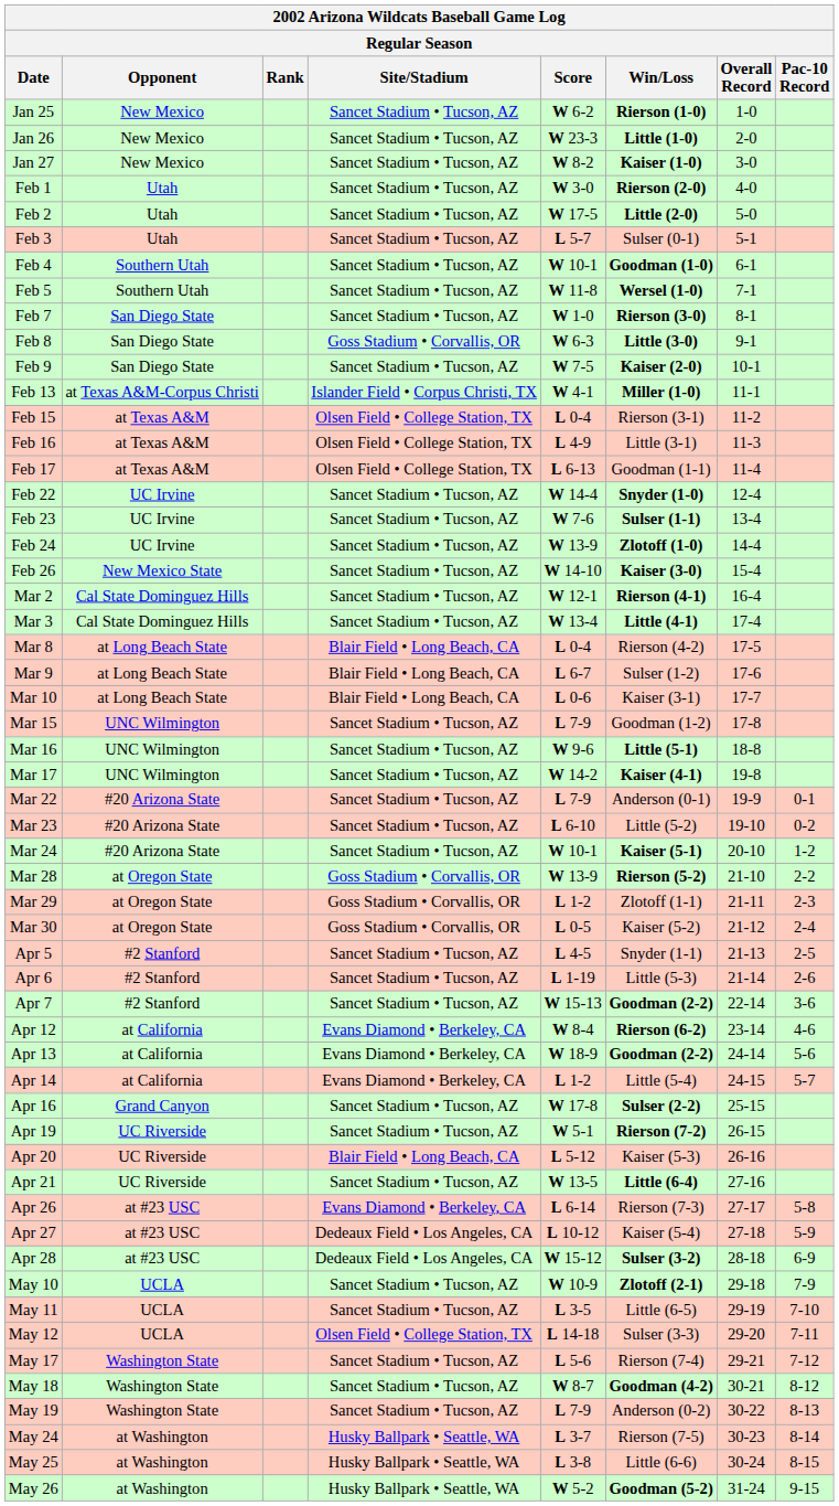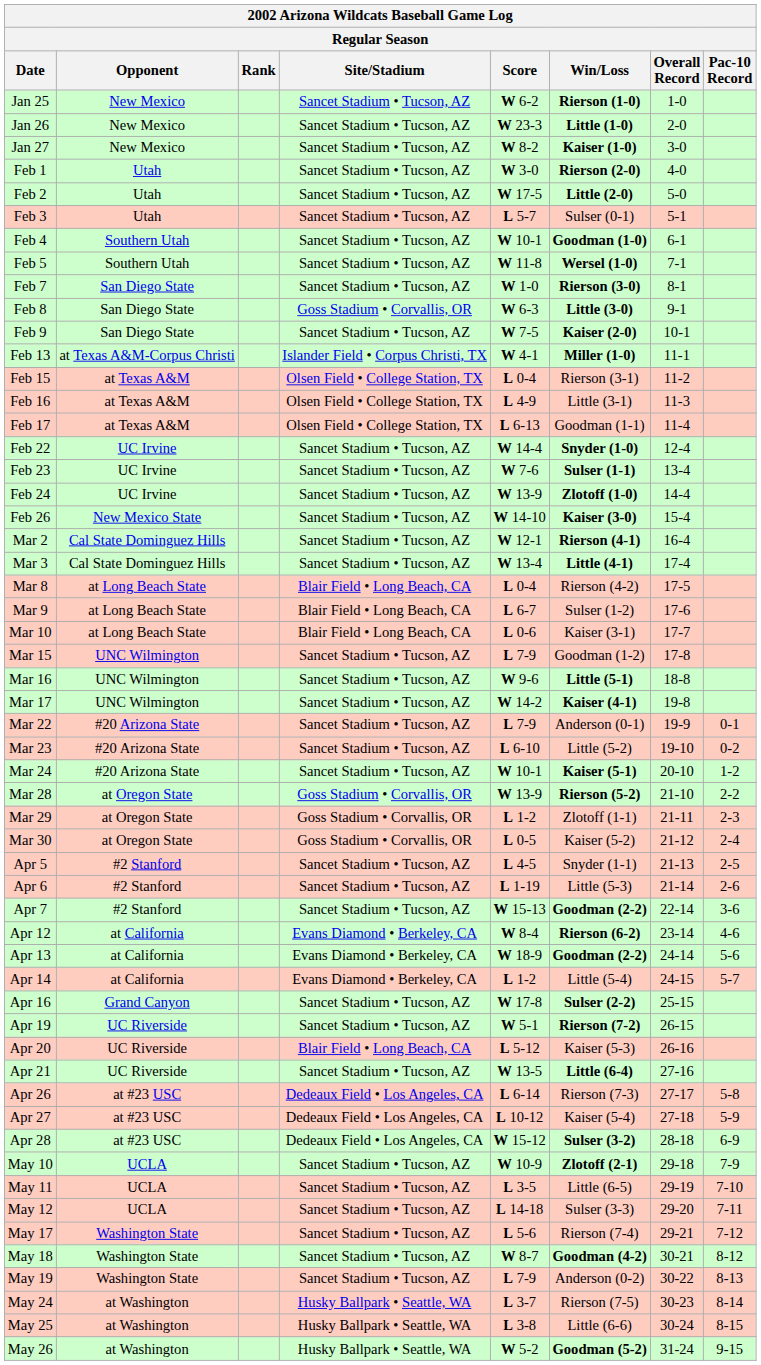 <table class="wikitable">
 <tr>
 <th colspan="8">2002 Arizona Wildcats Baseball Game Log</th>
 </tr>
 <tr>
 <th colspan="8">Regular Season</th>
 </tr>
 <tr>
 <th>Date</th>
 <th>Opponent</th>
 <th>Rank</th>
 <th>Site/Stadium</th>
 <th>Score</th>
 <th>Win/Loss</th>
 <th>Overall<br>Record</th>
 <th>Pac-10<br>Record</th>
 </tr>
 <tr bgcolor="ccffcc" align="center">
 <td>Jan 25</td>
 <td><a href='#'>New Mexico</a></td>
 <td></td>
 <td><a href='#'>Sancet Stadium</a> • <a href='#'>Tucson, AZ</a></td>
 <td><strong>W</strong> 6-2</td>
 <td><strong>Rierson (1-0)</strong></td>
 <td>1-0</td>
 <td></td>
 </tr>
 <tr bgcolor="ccffcc" align="center">
 <td>Jan 26</td>
 <td>New Mexico</td>
 <td></td>
 <td>Sancet Stadium • Tucson, AZ</td>
 <td><strong>W</strong> 23-3</td>
 <td><strong>Little (1-0)</strong></td>
 <td>2-0</td>
 <td></td>
 </tr>
 <tr bgcolor="ccffcc" align="center">
 <td>Jan 27</td>
 <td>New Mexico</td>
 <td></td>
 <td>Sancet Stadium • Tucson, AZ</td>
 <td><strong>W</strong> 8-2</td>
 <td><strong>Kaiser (1-0)</strong></td>
 <td>3-0</td>
 <td></td>
 </tr>
 <tr bgcolor="ccffcc" align="center">
 <td>Feb 1</td>
 <td><a href='#'>Utah</a></td>
 <td></td>
 <td>Sancet Stadium • Tucson, AZ</td>
 <td><strong>W</strong> 3-0</td>
 <td><strong>Rierson (2-0)</strong></td>
 <td>4-0</td>
 <td></td>
 </tr>
 <tr bgcolor="ccffcc" align="center">
 <td>Feb 2</td>
 <td>Utah</td>
 <td></td>
 <td>Sancet Stadium • Tucson, AZ</td>
 <td><strong>W</strong> 17-5</td>
 <td><strong>Little (2-0)</strong></td>
 <td>5-0</td>
 <td></td>
 </tr>
 <tr bgcolor="ffccc" align="center">
 <td>Feb 3</td>
 <td>Utah</td>
 <td></td>
 <td>Sancet Stadium • Tucson, AZ</td>
 <td><strong>L</strong> 5-7</td>
 <td>Sulser (0-1)</td>
 <td>5-1</td>
 <td></td>
 </tr>
 <tr bgcolor="ccffcc" align="center">
 <td>Feb 4</td>
 <td><a href='#'>Southern Utah</a></td>
 <td></td>
 <td>Sancet Stadium • Tucson, AZ</td>
 <td><strong>W</strong> 10-1</td>
 <td><strong>Goodman (1-0)</strong></td>
 <td>6-1</td>
 <td></td>
 </tr>
 <tr bgcolor="ccffcc" align="center">
 <td>Feb 5</td>
 <td>Southern Utah</td>
 <td></td>
 <td>Sancet Stadium • Tucson, AZ</td>
 <td><strong>W</strong> 11-8</td>
 <td><strong>Wersel (1-0)</strong></td>
 <td>7-1</td>
 <td></td>
 </tr>
 <tr bgcolor="ccffcc" align="center">
 <td>Feb 7</td>
 <td><a href='#'>San Diego State</a></td>
 <td></td>
 <td>Sancet Stadium • Tucson, AZ</td>
 <td><strong>W</strong> 1-0</td>
 <td><strong>Rierson (3-0)</strong></td>
 <td>8-1</td>
 <td></td>
 </tr>
 <tr bgcolor="ccffcc" align="center">
 <td>Feb 8</td>
 <td>San Diego State</td>
 <td></td>
 <td><a href='#'>Goss Stadium</a> • <a href='#'>Corvallis, OR</a></td>
 <td><strong>W</strong> 6-3</td>
 <td><strong>Little (3-0)</strong></td>
 <td>9-1</td>
 <td></td>
 </tr>
 <tr bgcolor="ccffcc" align="center">
 <td>Feb 9</td>
 <td>San Diego State</td>
 <td></td>
 <td>Sancet Stadium • Tucson, AZ</td>
 <td><strong>W</strong> 7-5</td>
 <td><strong>Kaiser (2-0)</strong></td>
 <td>10-1</td>
 <td></td>
 </tr>
 <tr bgcolor="ccffcc" align="center">
 <td>Feb 13</td>
 <td>at <a href='#'>Texas A&M-Corpus Christi</a></td>
 <td></td>
 <td><a href='#'>Islander Field</a> • <a href='#'>Corpus Christi, TX</a></td>
 <td><strong>W</strong> 4-1</td>
 <td><strong>Miller (1-0)</strong></td>
 <td>11-1</td>
 <td></td>
 </tr>
 <tr bgcolor="ffccc" align="center">
 <td>Feb 15</td>
 <td>at <a href='#'>Texas A&M</a></td>
 <td></td>
 <td><a href='#'>Olsen Field</a> • <a href='#'>College Station, TX</a></td>
 <td><strong>L</strong> 0-4</td>
 <td>Rierson (3-1)</td>
 <td>11-2</td>
 <td></td>
 </tr>
 <tr bgcolor="ffccc" align="center">
 <td>Feb 16</td>
 <td>at Texas A&M</td>
 <td></td>
 <td>Olsen Field • College Station, TX</td>
 <td><strong>L</strong> 4-9</td>
 <td>Little (3-1)</td>
 <td>11-3</td>
 <td></td>
 </tr>
 <tr bgcolor="ffccc" align="center">
 <td>Feb 17</td>
 <td>at Texas A&M</td>
 <td></td>
 <td>Olsen Field • College Station, TX</td>
 <td><strong>L</strong> 6-13</td>
 <td>Goodman (1-1)</td>
 <td>11-4</td>
 <td></td>
 </tr>
 <tr bgcolor="ccffcc" align="center">
 <td>Feb 22</td>
 <td><a href='#'>UC Irvine</a></td>
 <td></td>
 <td>Sancet Stadium • Tucson, AZ</td>
 <td><strong>W</strong> 14-4</td>
 <td><strong>Snyder (1-0)</strong></td>
 <td>12-4</td>
 <td></td>
 </tr>
 <tr bgcolor="ccffcc" align="center">
 <td>Feb 23</td>
 <td>UC Irvine</td>
 <td></td>
 <td>Sancet Stadium • Tucson, AZ</td>
 <td><strong>W</strong> 7-6</td>
 <td><strong>Sulser (1-1)</strong></td>
 <td>13-4</td>
 <td></td>
 </tr>
 <tr bgcolor="ccffcc" align="center">
 <td>Feb 24</td>
 <td>UC Irvine</td>
 <td></td>
 <td>Sancet Stadium • Tucson, AZ</td>
 <td><strong>W</strong> 13-9</td>
 <td><strong>Zlotoff (1-0)</strong></td>
 <td>14-4</td>
 <td></td>
 </tr>
 <tr bgcolor="ccffcc" align="center">
 <td>Feb 26</td>
 <td><a href='#'>New Mexico State</a></td>
 <td></td>
 <td>Sancet Stadium • Tucson, AZ</td>
 <td><strong>W</strong> 14-10</td>
 <td><strong>Kaiser (3-0)</strong></td>
 <td>15-4</td>
 <td></td>
 </tr>
 <tr bgcolor="ccffcc" align="center">
 <td>Mar 2</td>
 <td><a href='#'>Cal State Dominguez Hills</a></td>
 <td></td>
 <td>Sancet Stadium • Tucson, AZ</td>
 <td><strong>W</strong> 12-1</td>
 <td><strong>Rierson (4-1)</strong></td>
 <td>16-4</td>
 <td></td>
 </tr>
 <tr bgcolor="ccffcc" align="center">
 <td>Mar 3</td>
 <td>Cal State Dominguez Hills</td>
 <td></td>
 <td>Sancet Stadium • Tucson, AZ</td>
 <td><strong>W</strong> 13-4</td>
 <td><strong>Little (4-1)</strong></td>
 <td>17-4</td>
 <td></td>
 </tr>
 <tr bgcolor="ffccc" align="center">
 <td>Mar 8</td>
 <td>at <a href='#'>Long Beach State</a></td>
 <td></td>
 <td><a href='#'>Blair Field</a> • <a href='#'>Long Beach, CA</a></td>
 <td><strong>L</strong> 0-4</td>
 <td>Rierson (4-2)</td>
 <td>17-5</td>
 <td></td>
 </tr>
 <tr bgcolor="ffccc" align="center">
 <td>Mar 9</td>
 <td>at Long Beach State</td>
 <td></td>
 <td>Blair Field • Long Beach, CA</td>
 <td><strong>L</strong> 6-7</td>
 <td>Sulser (1-2)</td>
 <td>17-6</td>
 <td></td>
 </tr>
 <tr bgcolor="ffccc" align="center">
 <td>Mar 10</td>
 <td>at Long Beach State</td>
 <td></td>
 <td>Blair Field • Long Beach, CA</td>
 <td><strong>L</strong> 0-6</td>
 <td>Kaiser (3-1)</td>
 <td>17-7</td>
 <td></td>
 </tr>
 <tr bgcolor="ffccc" align="center">
 <td>Mar 15</td>
 <td><a href='#'>UNC Wilmington</a></td>
 <td></td>
 <td>Sancet Stadium • Tucson, AZ</td>
 <td><strong>L</strong> 7-9</td>
 <td>Goodman (1-2)</td>
 <td>17-8</td>
 <td></td>
 </tr>
 <tr bgcolor="ccffcc" align="center">
 <td>Mar 16</td>
 <td>UNC Wilmington</td>
 <td></td>
 <td>Sancet Stadium • Tucson, AZ</td>
 <td><strong>W</strong> 9-6</td>
 <td><strong>Little (5-1)</strong></td>
 <td>18-8</td>
 <td></td>
 </tr>
 <tr bgcolor="ccffcc" align="center">
 <td>Mar 17</td>
 <td>UNC Wilmington</td>
 <td></td>
 <td>Sancet Stadium • Tucson, AZ</td>
 <td><strong>W</strong> 14-2</td>
 <td><strong>Kaiser (4-1)</strong></td>
 <td>19-8</td>
 <td></td>
 </tr>
 <tr bgcolor="ffccc" align="center">
 <td>Mar 22</td>
 <td>#20 <a href='#'>Arizona State</a></td>
 <td></td>
 <td>Sancet Stadium • Tucson, AZ</td>
 <td><strong>L</strong> 7-9</td>
 <td>Anderson (0-1)</td>
 <td>19-9</td>
 <td>0-1</td>
 </tr>
 <tr bgcolor="ffccc" align="center">
 <td>Mar 23</td>
 <td>#20 Arizona State</td>
 <td></td>
 <td>Sancet Stadium • Tucson, AZ</td>
 <td><strong>L</strong> 6-10</td>
 <td>Little (5-2)</td>
 <td>19-10</td>
 <td>0-2</td>
 </tr>
 <tr bgcolor="ccffcc" align="center">
 <td>Mar 24</td>
 <td>#20 Arizona State</td>
 <td></td>
 <td>Sancet Stadium • Tucson, AZ</td>
 <td><strong>W</strong> 10-1</td>
 <td><strong>Kaiser (5-1)</strong></td>
 <td>20-10</td>
 <td>1-2</td>
 </tr>
 <tr bgcolor="ccffcc" align="center">
 <td>Mar 28</td>
 <td>at <a href='#'>Oregon State</a></td>
 <td></td>
 <td><a href='#'>Goss Stadium</a> • <a href='#'>Corvallis, OR</a></td>
 <td><strong>W</strong> 13-9</td>
 <td><strong>Rierson (5-2)</strong></td>
 <td>21-10</td>
 <td>2-2</td>
 </tr>
 <tr bgcolor="ffccc" align="center">
 <td>Mar 29</td>
 <td>at Oregon State</td>
 <td></td>
 <td>Goss Stadium • Corvallis, OR</td>
 <td><strong>L</strong> 1-2</td>
 <td>Zlotoff (1-1)</td>
 <td>21-11</td>
 <td>2-3</td>
 </tr>
 <tr bgcolor="ffccc" align="center">
 <td>Mar 30</td>
 <td>at Oregon State</td>
 <td></td>
 <td>Goss Stadium • Corvallis, OR</td>
 <td><strong>L</strong> 0-5</td>
 <td>Kaiser (5-2)</td>
 <td>21-12</td>
 <td>2-4</td>
 </tr>
 <tr bgcolor="ffccc" align="center">
 <td>Apr 5</td>
 <td>#2 <a href='#'>Stanford</a></td>
 <td></td>
 <td>Sancet Stadium • Tucson, AZ</td>
 <td><strong>L</strong> 4-5</td>
 <td>Snyder (1-1)</td>
 <td>21-13</td>
 <td>2-5</td>
 </tr>
 <tr bgcolor="ffccc" align="center">
 <td>Apr 6</td>
 <td>#2 Stanford</td>
 <td></td>
 <td>Sancet Stadium • Tucson, AZ</td>
 <td><strong>L</strong> 1-19</td>
 <td>Little (5-3)</td>
 <td>21-14</td>
 <td>2-6</td>
 </tr>
 <tr bgcolor="ccffcc" align="center">
 <td>Apr 7</td>
 <td>#2 Stanford</td>
 <td></td>
 <td>Sancet Stadium • Tucson, AZ</td>
 <td><strong>W</strong> 15-13</td>
 <td><strong>Goodman (2-2)</strong></td>
 <td>22-14</td>
 <td>3-6</td>
 </tr>
 <tr bgcolor="ccffcc" align="center">
 <td>Apr 12</td>
 <td>at <a href='#'>California</a></td>
 <td></td>
 <td><a href='#'>Evans Diamond</a> • <a href='#'>Berkeley, CA</a></td>
 <td><strong>W</strong> 8-4</td>
 <td><strong>Rierson (6-2)</strong></td>
 <td>23-14</td>
 <td>4-6</td>
 </tr>
 <tr bgcolor="ccffcc" align="center">
 <td>Apr 13</td>
 <td>at California</td>
 <td></td>
 <td>Evans Diamond • Berkeley, CA</td>
 <td><strong>W</strong> 18-9</td>
 <td><strong>Goodman (2-2)</strong></td>
 <td>24-14</td>
 <td>5-6</td>
 </tr>
 <tr bgcolor="ffccc" align="center">
 <td>Apr 14</td>
 <td>at California</td>
 <td></td>
 <td>Evans Diamond • Berkeley, CA</td>
 <td><strong>L</strong> 1-2</td>
 <td>Little (5-4)</td>
 <td>24-15</td>
 <td>5-7</td>
 </tr>
 <tr bgcolor="ccffcc" align="center">
 <td>Apr 16</td>
 <td><a href='#'>Grand Canyon</a></td>
 <td></td>
 <td>Sancet Stadium • Tucson, AZ</td>
 <td><strong>W</strong> 17-8</td>
 <td><strong>Sulser (2-2)</strong></td>
 <td>25-15</td>
 <td></td>
 </tr>
 <tr bgcolor="ccffcc" align="center">
 <td>Apr 19</td>
 <td><a href='#'>UC Riverside</a></td>
 <td></td>
 <td>Sancet Stadium • Tucson, AZ</td>
 <td><strong>W</strong> 5-1</td>
 <td><strong>Rierson (7-2)</strong></td>
 <td>26-15</td>
 <td></td>
 </tr>
 <tr bgcolor="ffccc" align="center">
 <td>Apr 20</td>
 <td>UC Riverside</td>
 <td></td>
 <td><a href='#'>Blair Field</a> • <a href='#'>Long Beach, CA</a></td>
 <td><strong>L</strong> 5-12</td>
 <td>Kaiser (5-3)</td>
 <td>26-16</td>
 <td></td>
 </tr>
 <tr bgcolor="ccffcc" align="center">
 <td>Apr 21</td>
 <td>UC Riverside</td>
 <td></td>
 <td>Sancet Stadium • Tucson, AZ</td>
 <td><strong>W</strong> 13-5</td>
 <td><strong>Little (6-4)</strong></td>
 <td>27-16</td>
 <td></td>
 </tr>
 <tr bgcolor="ffccc" align="center">
 <td>Apr 26</td>
 <td>at #23 <a href='#'>USC</a></td>
 <td></td>
-<td><a href='#'>Evans Diamond</a> • <a href='#'>Berkeley, CA</a></td>
+<td><a href='#'>Dedeaux Field</a> • <a href='#'>Los Angeles, CA</a></td>
 <td><strong>L</strong> 6-14</td>
 <td>Rierson (7-3)</td>
 <td>27-17</td>
 <td>5-8</td>
 </tr>
 <tr bgcolor="ffccc" align="center">
 <td>Apr 27</td>
 <td>at #23 USC</td>
 <td></td>
 <td>Dedeaux Field • Los Angeles, CA</td>
 <td><strong>L</strong> 10-12</td>
 <td>Kaiser (5-4)</td>
 <td>27-18</td>
 <td>5-9</td>
 </tr>
 <tr bgcolor="ccffcc" align="center">
 <td>Apr 28</td>
 <td>at #23 USC</td>
 <td></td>
 <td>Dedeaux Field • Los Angeles, CA</td>
 <td><strong>W</strong> 15-12</td>
 <td><strong>Sulser (3-2)</strong></td>
 <td>28-18</td>
 <td>6-9</td>
 </tr>
 <tr bgcolor="ccffcc" align="center">
 <td>May 10</td>
 <td><a href='#'>UCLA</a></td>
 <td></td>
 <td>Sancet Stadium • Tucson, AZ</td>
 <td><strong>W</strong> 10-9</td>
 <td><strong>Zlotoff (2-1)</strong></td>
 <td>29-18</td>
 <td>7-9</td>
 </tr>
 <tr bgcolor="ffccc" align="center">
 <td>May 11</td>
 <td>UCLA</td>
 <td></td>
 <td>Sancet Stadium • Tucson, AZ</td>
 <td><strong>L</strong> 3-5</td>
 <td>Little (6-5)</td>
 <td>29-19</td>
 <td>7-10</td>
 </tr>
 <tr bgcolor="ffccc" align="center">
 <td>May 12</td>
 <td>UCLA</td>
 <td></td>
-<td><a href='#'>Olsen Field</a> • <a href='#'>College Station, TX</a></td>
+<td>Sancet Stadium • Tucson, AZ</td>
 <td><strong>L</strong> 14-18</td>
 <td>Sulser (3-3)</td>
 <td>29-20</td>
 <td>7-11</td>
 </tr>
 <tr bgcolor="ffccc" align="center">
 <td>May 17</td>
 <td><a href='#'>Washington State</a></td>
 <td></td>
 <td>Sancet Stadium • Tucson, AZ</td>
 <td><strong>L</strong> 5-6</td>
 <td>Rierson (7-4)</td>
 <td>29-21</td>
 <td>7-12</td>
 </tr>
 <tr bgcolor="ccffcc" align="center">
 <td>May 18</td>
 <td>Washington State</td>
 <td></td>
 <td>Sancet Stadium • Tucson, AZ</td>
 <td><strong>W</strong> 8-7</td>
 <td><strong>Goodman (4-2)</strong></td>
 <td>30-21</td>
 <td>8-12</td>
 </tr>
 <tr bgcolor="ffccc" align="center">
 <td>May 19</td>
 <td>Washington State</td>
 <td></td>
 <td>Sancet Stadium • Tucson, AZ</td>
 <td><strong>L</strong> 7-9</td>
 <td>Anderson (0-2)</td>
 <td>30-22</td>
 <td>8-13</td>
 </tr>
 <tr bgcolor="ffccc" align="center">
 <td>May 24</td>
 <td>at Washington</td>
 <td></td>
 <td><a href='#'>Husky Ballpark</a> • <a href='#'>Seattle, WA</a></td>
 <td><strong>L</strong> 3-7</td>
 <td>Rierson (7-5)</td>
 <td>30-23</td>
 <td>8-14</td>
 </tr>
 <tr bgcolor="ffccc" align="center">
 <td>May 25</td>
 <td>at Washington</td>
 <td></td>
 <td>Husky Ballpark • Seattle, WA</td>
 <td><strong>L</strong> 3-8</td>
 <td>Little (6-6)</td>
 <td>30-24</td>
 <td>8-15</td>
 </tr>
 <tr bgcolor="ccffcc" align="center">
 <td>May 26</td>
 <td>at Washington</td>
 <td></td>
 <td>Husky Ballpark • Seattle, WA</td>
 <td><strong>W</strong> 5-2</td>
 <td><strong>Goodman (5-2)</strong></td>
 <td>31-24</td>
 <td>9-15</td>
 </tr>
 </table>
